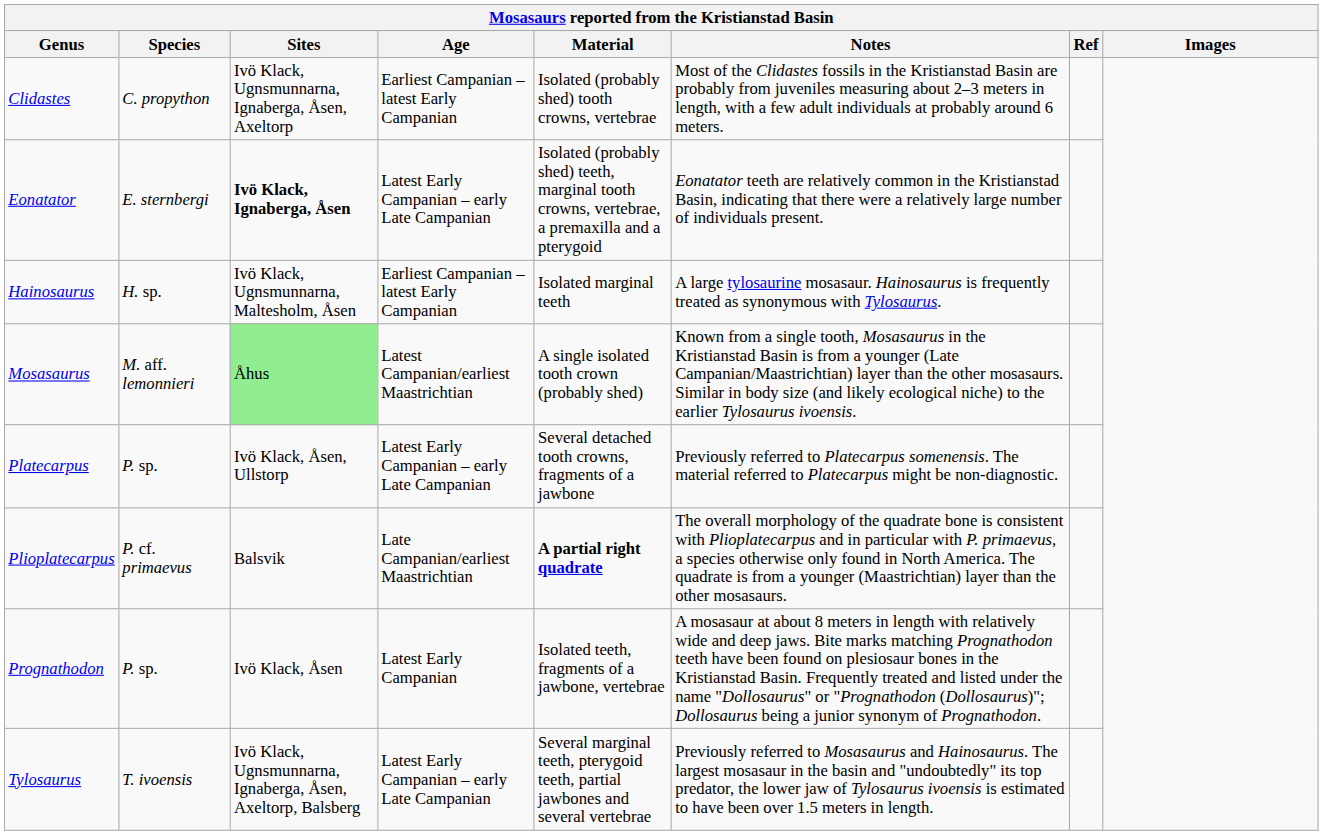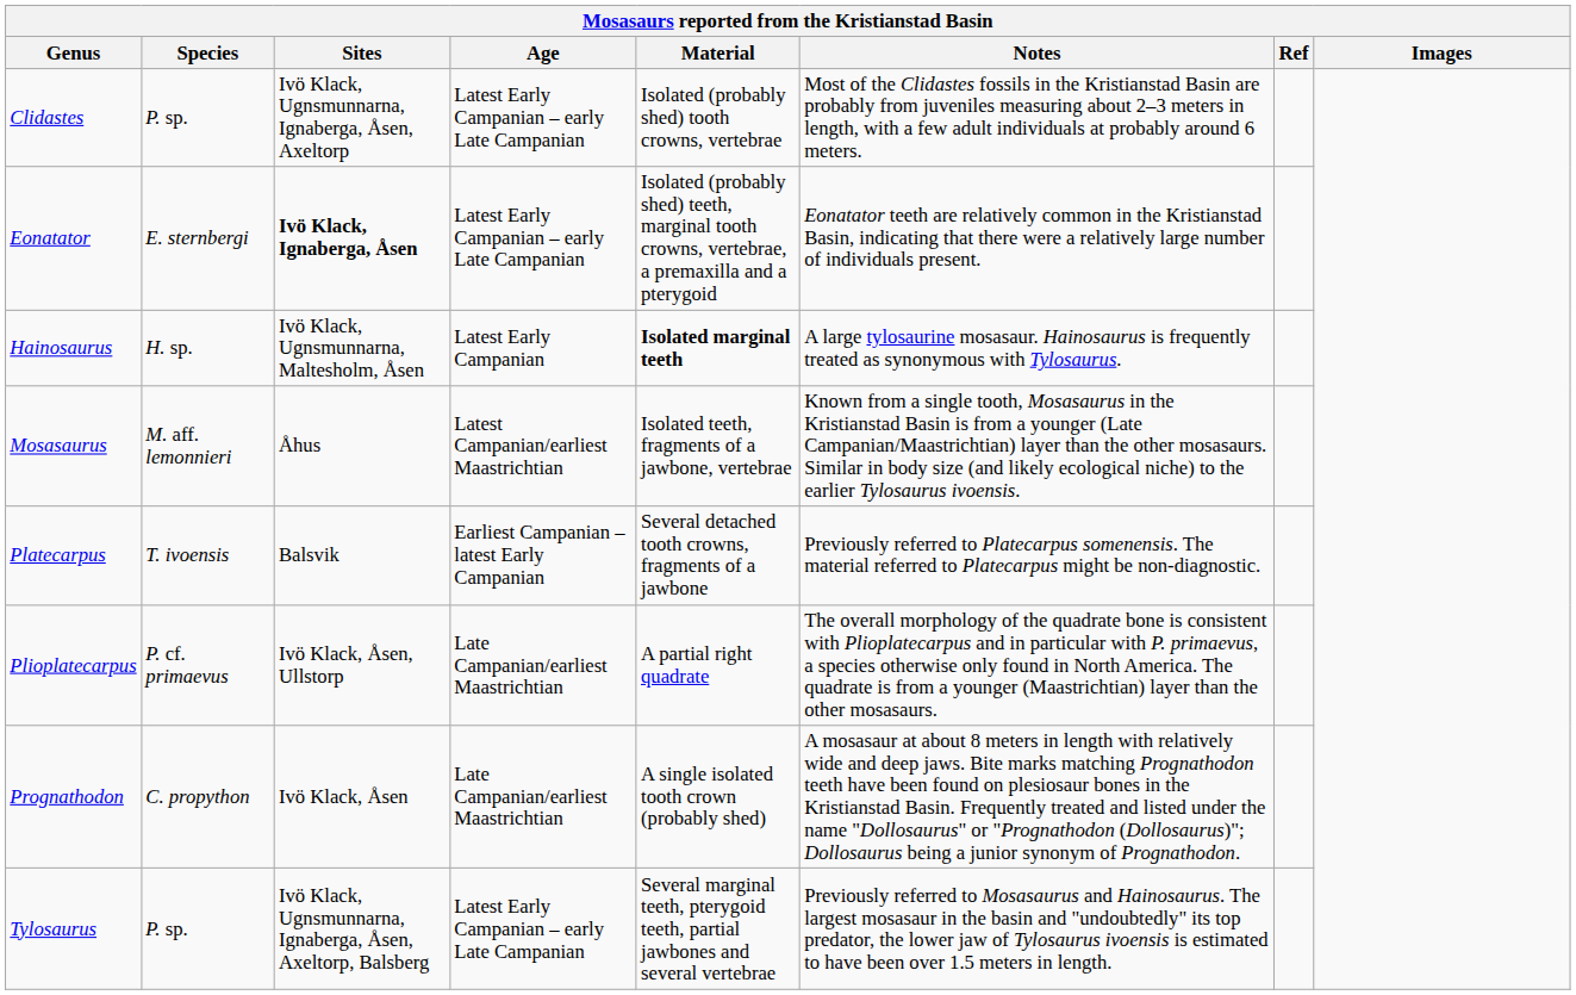 <table class="wikitable sortable mw-collapsible" style="width:100%">
 <tr>
 <th colspan="8" style="text-align:center;"><strong><a href='#'>Mosasaurs</a> reported from the Kristianstad Basin</strong></th>
 </tr>
 <tr>
 <th>Genus</th>
 <th width="100px">Species</th>
 <th>Sites</th>
 <th>Age</th>
 <th>Material</th>
 <th>Notes</th>
 <th>Ref</th>
 <th width="200px">Images</th>
 </tr>
 <tr>
 <td><em><a href='#'>Clidastes</a></em></td>
-<td><em>C. propython</em></td>
+<td><em>P.</em> sp.</td>
 <td>Ivö Klack, Ugnsmunnarna, Ignaberga, Åsen, Axeltorp</td>
-<td>Earliest Campanian – latest Early Campanian</td>
+<td>Latest Early Campanian – early Late Campanian</td>
 <td>Isolated (probably shed) tooth crowns, vertebrae</td>
 <td>Most of the <em>Clidastes</em> fossils in the Kristianstad Basin are probably from juveniles measuring about 2–3 meters in length, with a few adult individuals at probably around 6 meters.</td>
 <td></td>
 <td rowspan="8"><br>     </td>
 </tr>
 <tr>
 <td><em><a href='#'>Eonatator</a></em></td>
 <td><em>E. sternbergi</em></td>
 <td><strong>Ivö Klack, Ignaberga, Åsen</strong></td>
 <td>Latest Early Campanian – early Late Campanian</td>
 <td>Isolated (probably shed) teeth, marginal tooth crowns, vertebrae, a premaxilla and a pterygoid</td>
 <td><em>Eonatator</em> teeth are relatively common in the Kristianstad Basin, indicating that there were a relatively large number of individuals present.</td>
 <td></td>
 </tr>
 <tr>
 <td><em><a href='#'>Hainosaurus</a></em></td>
 <td><em>H.</em> sp.</td>
 <td>Ivö Klack, Ugnsmunnarna, Maltesholm, Åsen</td>
-<td>Earliest Campanian – latest Early Campanian</td>
-<td>Isolated marginal teeth</td>
+<td>Latest Early Campanian</td>
+<td><strong>Isolated marginal teeth</strong></td>
 <td>A large <a href='#'>tylosaurine</a> mosasaur. <em>Hainosaurus</em> is frequently treated as synonymous with <em><a href='#'>Tylosaurus</a></em>.</td>
 <td></td>
 </tr>
 <tr>
 <td><em><a href='#'>Mosasaurus</a></em></td>
 <td><em>M.</em> aff. <em>lemonnieri</em></td>
-<td style="background: lightgreen;">Åhus</td>
+<td>Åhus</td>
 <td>Latest Campanian/earliest Maastrichtian</td>
-<td>A single isolated tooth crown (probably shed)</td>
+<td>Isolated teeth, fragments of a jawbone, vertebrae</td>
 <td>Known from a single tooth, <em>Mosasaurus</em> in the Kristianstad Basin is from a younger (Late Campanian/Maastrichtian) layer than the other mosasaurs. Similar in body size (and likely ecological niche) to the earlier <em>Tylosaurus ivoensis</em>.</td>
 <td></td>
 </tr>
 <tr>
 <td><em><a href='#'>Platecarpus</a></em></td>
-<td><em>P.</em> sp.</td>
-<td>Ivö Klack, Åsen, Ullstorp</td>
-<td>Latest Early Campanian – early Late Campanian</td>
+<td><em>T. ivoensis</em></td>
+<td>Balsvik</td>
+<td>Earliest Campanian – latest Early Campanian</td>
 <td>Several detached tooth crowns, fragments of a jawbone</td>
 <td>Previously referred to <em>Platecarpus somenensis</em>. The material referred to <em>Platecarpus</em> might be non-diagnostic.</td>
 <td></td>
 </tr>
 <tr>
 <td><em><a href='#'>Plioplatecarpus</a></em></td>
 <td><em>P.</em> cf. <em>primaevus</em></td>
-<td>Balsvik</td>
+<td>Ivö Klack, Åsen, Ullstorp</td>
 <td>Late Campanian/earliest Maastrichtian</td>
-<td><strong>A partial right <a href='#'>quadrate</a></strong></td>
+<td>A partial right <a href='#'>quadrate</a></td>
 <td>The overall morphology of the quadrate bone is consistent with <em>Plioplatecarpus</em> and in particular with <em>P. primaevus</em>, a species otherwise only found in North America. The quadrate is from a younger (Maastrichtian) layer than the other mosasaurs.</td>
 <td></td>
 </tr>
 <tr>
 <td><em><a href='#'>Prognathodon</a></em></td>
-<td><em>P.</em> sp.</td>
+<td><em>C. propython</em></td>
 <td>Ivö Klack, Åsen</td>
-<td>Latest Early Campanian</td>
-<td>Isolated teeth, fragments of a jawbone, vertebrae</td>
+<td>Late Campanian/earliest Maastrichtian</td>
+<td>A single isolated tooth crown (probably shed)</td>
 <td>A mosasaur at about 8 meters in length with relatively wide and deep jaws. Bite marks matching <em>Prognathodon</em> teeth have been found on plesiosaur bones in the Kristianstad Basin. Frequently treated and listed under the name "<em>Dollosaurus</em>" or "<em>Prognathodon</em> (<em>Dollosaurus</em>)"; <em>Dollosaurus</em> being a junior synonym of <em>Prognathodon</em>.</td>
 <td></td>
 </tr>
 <tr>
 <td><em><a href='#'>Tylosaurus</a></em></td>
-<td><em>T. ivoensis</em></td>
+<td><em>P.</em> sp.</td>
 <td>Ivö Klack, Ugnsmunnarna, Ignaberga, Åsen, Axeltorp, Balsberg</td>
 <td>Latest Early Campanian – early Late Campanian</td>
 <td>Several marginal teeth, pterygoid teeth, partial jawbones and several vertebrae</td>
 <td>Previously referred to <em>Mosasaurus</em> and <em>Hainosaurus</em>. The largest mosasaur in the basin and "undoubtedly" its top predator, the lower jaw of <em>Tylosaurus ivoensis</em> is estimated to have been over 1.5 meters in length.</td>
 <td></td>
 </tr>
 </table>
